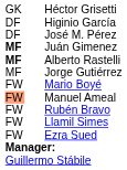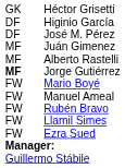 <table style="font-size: 90%; margin:0.5em auto;" cellspacing="0" cellpadding="0">
 <tr>
 <th width=25></th>
 <th width=25></th>
 </tr>
 <tr>
 <td>GK</td>
 <td></td>
 <td> Héctor Grisetti</td>
 </tr>
 <tr>
 <td>DF</td>
 <td></td>
 <td> Higinio García</td>
 </tr>
 <tr>
 <td>DF</td>
 <td></td>
 <td> José M. Pérez</td>
 </tr>
 <tr>
-<td><strong>MF</strong></td>
+<td>MF</td>
 <td></td>
 <td> Juán Gimenez</td>
 </tr>
 <tr>
-<td><strong>MF</strong></td>
+<td>MF</td>
 <td></td>
 <td>  Alberto Rastelli</td>
 </tr>
 <tr>
-<td>MF</td>
+<td><strong>MF</strong></td>
 <td></td>
 <td> Jorge Gutiérrez</td>
 </tr>
 <tr>
 <td>FW</td>
 <td></td>
 <td> <a href='#'>Mario Boyé</a></td>
 </tr>
 <tr>
-<td style="background: lightsalmon;">FW</td>
+<td>FW</td>
 <td></td>
 <td>  Manuel Ameal</td>
 </tr>
 <tr>
 <td>FW</td>
 <td></td>
 <td> <a href='#'>Rubén Bravo</a></td>
 </tr>
 <tr>
 <td>FW</td>
 <td></td>
 <td> <a href='#'>Llamil Simes</a></td>
 </tr>
 <tr>
 <td>FW</td>
 <td></td>
 <td> <a href='#'>Ezra Sued</a></td>
 </tr>
 <tr>
 <td colspan=3><strong>Manager:</strong></td>
 </tr>
 <tr>
 <td colspan=4> <a href='#'>Guillermo Stábile</a></td>
 </tr>
 </table>
